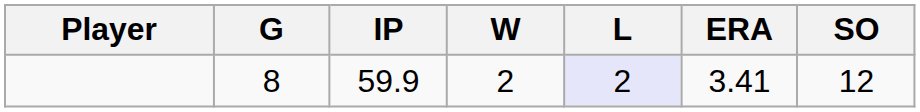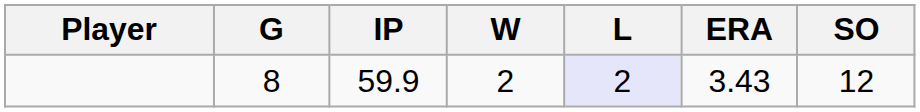 <table class="wikitable sortable">
 <tr>
 <th bgcolor="#DDDDFF" width="16%">Player</th>
 <th bgcolor="#DDDDFF" width="9%">G</th>
 <th bgcolor="#DDDDFF" width="9%">IP</th>
 <th bgcolor="#DDDDFF" width="9%">W</th>
 <th bgcolor="#DDDDFF" width="9%">L</th>
 <th bgcolor="#DDDDFF" width="9%">ERA</th>
 <th bgcolor="#DDDDFF" width="9%">SO</th>
 </tr>
 <tr align="center">
 <td></td>
 <td>8</td>
 <td>59.9</td>
 <td>2</td>
 <td style="background: lavender;">2</td>
-<td>3.41</td>
+<td>3.43</td>
 <td>12</td>
 </tr>
 </table>
